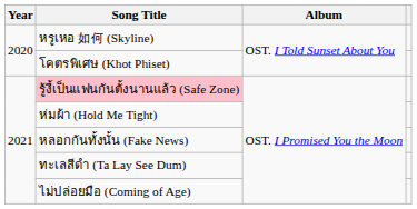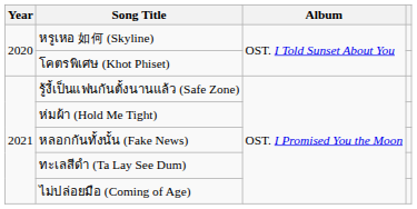 <table class="wikitable">
 <tr>
 <th>Year</th>
 <th>Song Title</th>
 <th>Album</th>
 <th></th>
 </tr>
 <tr>
 <td rowspan="2">2020</td>
 <td>หรูเหอ 如何 (Skyline)</td>
 <td rowspan="2">OST. <em><a href='#'>I Told Sunset About You</a></em></td>
 <td style="text-align: center;"></td>
 </tr>
 <tr>
 <td>โคตรพิเศษ (Khot Phiset)</td>
 <td style="text-align: center;"></td>
 </tr>
 <tr>
 <td rowspan="5">2021</td>
-<td style="background: pink;">รู้งี้เป็นแฟนกันตั้งนานแล้ว (Safe Zone) <br></td>
+<td>รู้งี้เป็นแฟนกันตั้งนานแล้ว (Safe Zone) <br></td>
 <td rowspan="5">OST. <em><a href='#'>I Promised You the Moon</a></em></td>
 <td style="text-align: center;"></td>
 </tr>
 <tr>
 <td>ห่มผ้า (Hold Me Tight)</td>
 <td style="text-align: center;"></td>
 </tr>
 <tr>
 <td>หลอกกันทั้งนั้น (Fake News)</td>
 <td style="text-align: center;"></td>
 </tr>
 <tr>
 <td>ทะเลสีดำ (Ta Lay See Dum) <br></td>
 <td style="text-align: center;"></td>
 </tr>
 <tr>
 <td>ไม่ปล่อยมือ (Coming of Age) <br></td>
 <td style="text-align: center;"></td>
 </tr>
 </table>
